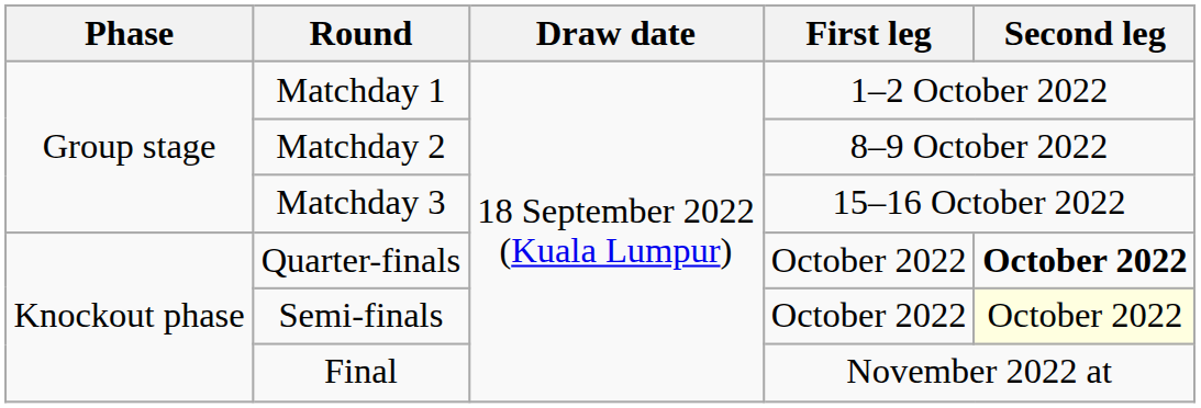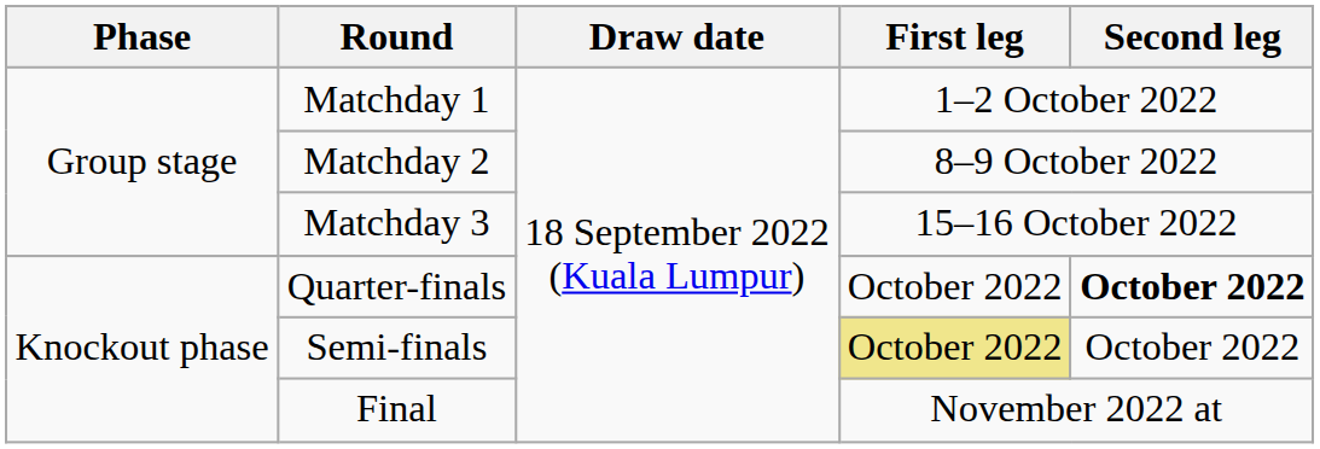 <table class="wikitable" style="text-align:center">
 <tr>
 <th>Phase</th>
 <th>Round</th>
 <th>Draw date</th>
 <th>First leg</th>
 <th>Second leg</th>
 </tr>
 <tr>
 <td rowspan=3>Group stage</td>
 <td>Matchday 1</td>
 <td rowspan=6>18 September 2022<br>(<a href='#'>Kuala Lumpur</a>)</td>
 <td colspan=2>1–2 October 2022</td>
 </tr>
 <tr>
 <td>Matchday 2</td>
 <td colspan=2>8–9 October 2022</td>
 </tr>
 <tr>
 <td>Matchday 3</td>
 <td colspan=2>15–16 October 2022</td>
 </tr>
 <tr>
 <td rowspan=3>Knockout phase</td>
 <td>Quarter-finals</td>
 <td>October 2022</td>
 <td><strong>October 2022</strong></td>
 </tr>
 <tr>
 <td>Semi-finals</td>
+<td style="background: khaki;">October 2022</td>
 <td>October 2022</td>
-<td style="background: lightyellow;">October 2022</td>
 </tr>
 <tr>
 <td>Final</td>
 <td colspan=2>November 2022 at</td>
 </tr>
 </table>
